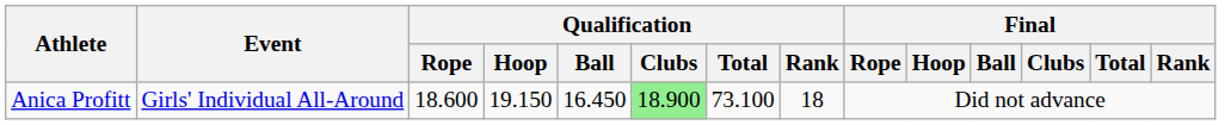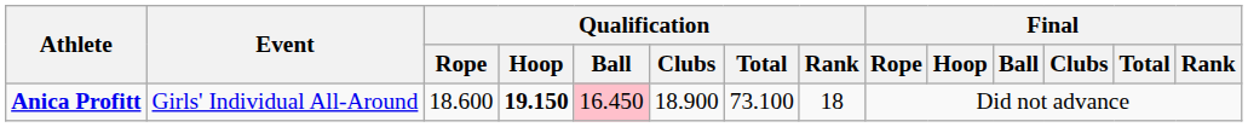 <table class="wikitable" border="1" style="font-size:90%">
 <tr>
 <th rowspan=2>Athlete</th>
 <th rowspan=2>Event</th>
 <th colspan=6>Qualification</th>
 <th colspan=6>Final</th>
 </tr>
 <tr>
 <th>Rope</th>
 <th>Hoop</th>
 <th>Ball</th>
 <th>Clubs</th>
 <th>Total</th>
 <th>Rank</th>
 <th>Rope</th>
 <th>Hoop</th>
 <th>Ball</th>
 <th>Clubs</th>
 <th>Total</th>
 <th>Rank</th>
 </tr>
 <tr>
-<td><a href='#'>Anica Profitt</a></td>
+<td><strong><a href='#'>Anica Profitt</a></strong></td>
 <td><a href='#'>Girls' Individual All-Around</a></td>
 <td align=center>18.600</td>
-<td align=center>19.150</td>
-<td align=center>16.450</td>
-<td align=center style="background: lightgreen;">18.900</td>
+<td align=center><strong>19.150</strong></td>
+<td align=center style="background: pink;">16.450</td>
+<td align=center>18.900</td>
 <td align=center>73.100</td>
 <td align=center>18</td>
 <td align=center colspan=6>Did not advance</td>
 </tr>
 </table>
